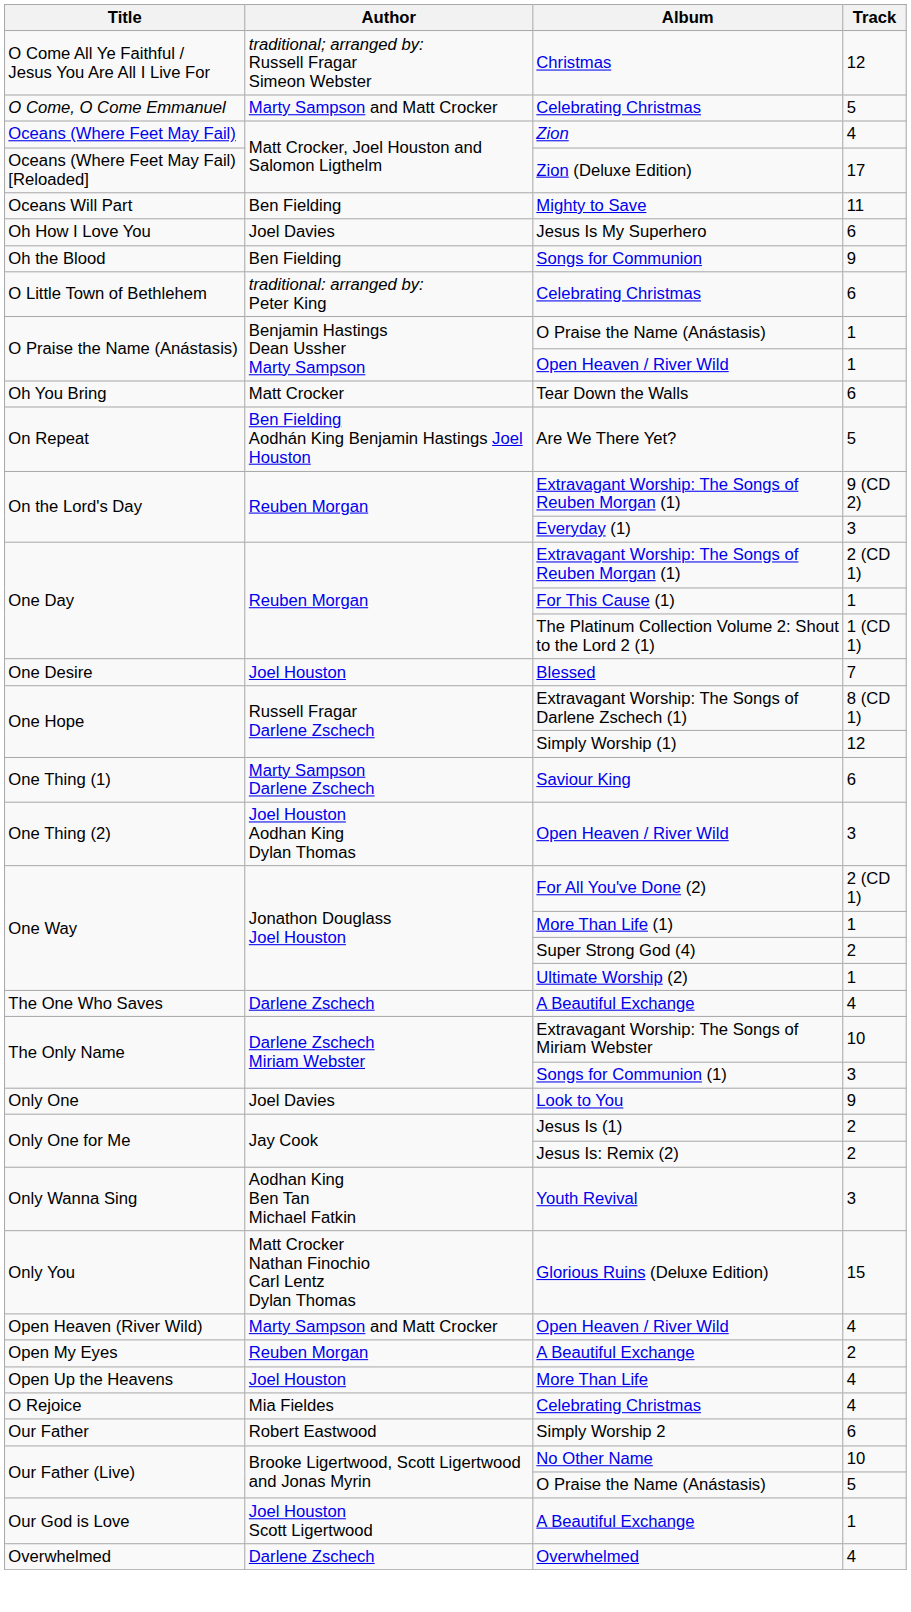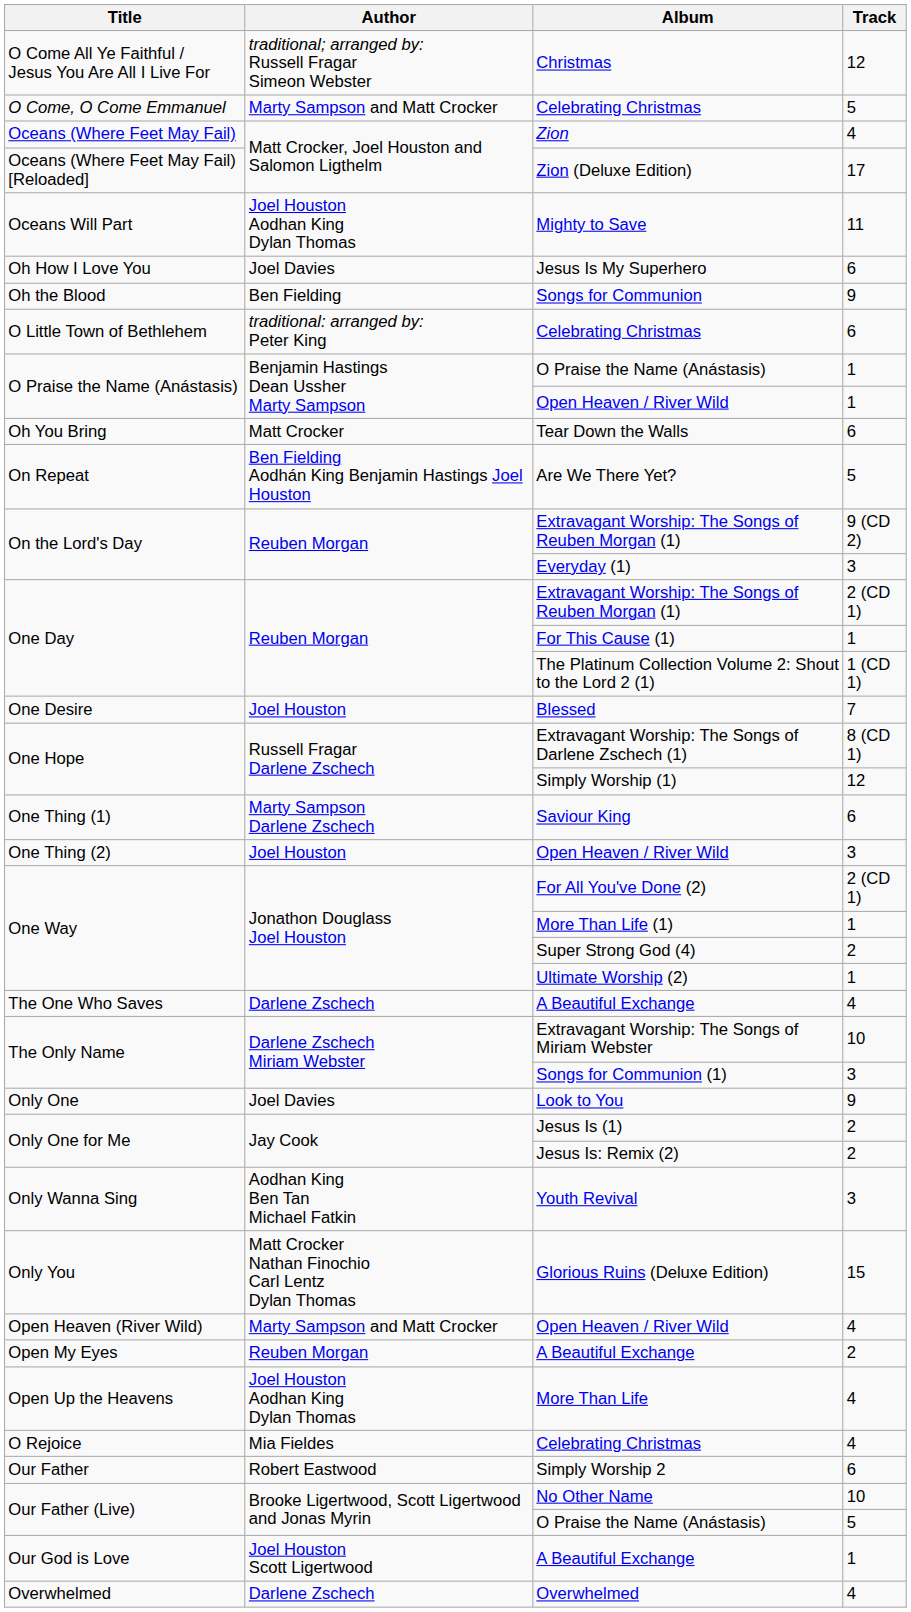 <table class="wikitable">
 <tr>
 <th>Title</th>
 <th>Author</th>
 <th>Album</th>
 <th>Track</th>
 </tr>
 <tr>
 <td>O Come All Ye Faithful / <br> Jesus You Are All I Live For</td>
 <td><em>traditional; arranged by:</em> <br> Russell Fragar <br> Simeon Webster</td>
 <td><a href='#'>Christmas</a></td>
 <td>12</td>
 </tr>
 <tr>
 <td><em>O Come, O Come Emmanuel</em></td>
 <td><a href='#'>Marty Sampson</a> and Matt Crocker</td>
 <td><a href='#'>Celebrating Christmas</a></td>
 <td>5</td>
 </tr>
 <tr>
 <td><a href='#'>Oceans (Where Feet May Fail)</a></td>
 <td rowspan="2">Matt Crocker, Joel Houston and Salomon Ligthelm</td>
 <td><em><a href='#'>Zion</a></em></td>
 <td>4</td>
 </tr>
 <tr>
 <td>Oceans (Where Feet May Fail) [Reloaded]</td>
 <td><a href='#'>Zion</a> (Deluxe Edition)</td>
 <td>17</td>
 </tr>
 <tr>
 <td>Oceans Will Part</td>
-<td>Ben Fielding</td>
+<td><a href='#'>Joel Houston</a> <br> Aodhan King <br> Dylan Thomas</td>
 <td><a href='#'>Mighty to Save</a></td>
 <td>11</td>
 </tr>
 <tr>
 <td>Oh How I Love You</td>
 <td>Joel Davies</td>
 <td>Jesus Is My Superhero</td>
 <td>6</td>
 </tr>
 <tr>
 <td>Oh the Blood</td>
 <td>Ben Fielding</td>
 <td><a href='#'>Songs for Communion</a></td>
 <td>9</td>
 </tr>
 <tr>
 <td>O Little Town of Bethlehem</td>
 <td><em>traditional: arranged by:</em> <br> Peter King</td>
 <td><a href='#'>Celebrating Christmas</a></td>
 <td>6</td>
 </tr>
 <tr>
 <td rowspan="2">O Praise the Name (Anástasis)</td>
 <td rowspan="2">Benjamin Hastings <br> Dean Ussher <br> <a href='#'>Marty Sampson</a></td>
 <td>O Praise the Name (Anástasis)</td>
 <td>1</td>
 </tr>
 <tr>
 <td><a href='#'>Open Heaven / River Wild</a></td>
 <td>1</td>
 </tr>
 <tr>
 <td>Oh You Bring</td>
 <td>Matt Crocker</td>
 <td>Tear Down the Walls</td>
 <td>6</td>
 </tr>
 <tr>
 <td>On Repeat</td>
 <td><a href='#'>Ben Fielding</a><br>Aodhán King Benjamin Hastings <a href='#'>Joel Houston</a></td>
 <td>Are We There Yet?</td>
 <td>5</td>
 </tr>
 <tr>
 <td rowspan="2">On the Lord's Day</td>
 <td rowspan="2"><a href='#'>Reuben Morgan</a></td>
 <td><a href='#'>Extravagant Worship: The Songs of Reuben Morgan</a> (1)</td>
 <td>9 (CD 2)</td>
 </tr>
 <tr>
 <td><a href='#'>Everyday</a> (1)</td>
 <td>3</td>
 </tr>
 <tr>
 <td rowspan="3">One Day</td>
 <td rowspan="3"><a href='#'>Reuben Morgan</a></td>
 <td><a href='#'>Extravagant Worship: The Songs of Reuben Morgan</a> (1)</td>
 <td>2 (CD 1)</td>
 </tr>
 <tr>
 <td><a href='#'>For This Cause</a> (1)</td>
 <td>1</td>
 </tr>
 <tr>
 <td>The Platinum Collection Volume 2: Shout to the Lord 2 (1)</td>
 <td>1 (CD 1)</td>
 </tr>
 <tr>
 <td>One Desire</td>
 <td><a href='#'>Joel Houston</a></td>
 <td><a href='#'>Blessed</a></td>
 <td>7</td>
 </tr>
 <tr>
 <td rowspan="2">One Hope</td>
 <td rowspan="2">Russell Fragar <br> <a href='#'>Darlene Zschech</a></td>
 <td>Extravagant Worship: The Songs of Darlene Zschech (1)</td>
 <td>8 (CD 1)</td>
 </tr>
 <tr>
 <td>Simply Worship (1)</td>
 <td>12</td>
 </tr>
 <tr>
 <td>One Thing (1)</td>
 <td><a href='#'>Marty Sampson</a> <br> <a href='#'>Darlene Zschech</a></td>
 <td><a href='#'>Saviour King</a></td>
 <td>6</td>
 </tr>
 <tr>
 <td>One Thing (2)</td>
-<td><a href='#'>Joel Houston</a> <br> Aodhan King <br> Dylan Thomas</td>
+<td><a href='#'>Joel Houston</a></td>
 <td><a href='#'>Open Heaven / River Wild</a></td>
 <td>3</td>
 </tr>
 <tr>
 <td rowspan="4">One Way</td>
 <td rowspan="4">Jonathon Douglass <br> <a href='#'>Joel Houston</a></td>
 <td><a href='#'>For All You've Done</a> (2)</td>
 <td>2 (CD 1)</td>
 </tr>
 <tr>
 <td><a href='#'>More Than Life</a> (1)</td>
 <td>1</td>
 </tr>
 <tr>
 <td>Super Strong God (4)</td>
 <td>2</td>
 </tr>
 <tr>
 <td><a href='#'>Ultimate Worship</a> (2)</td>
 <td>1</td>
 </tr>
 <tr>
 <td>The One Who Saves</td>
 <td><a href='#'>Darlene Zschech</a></td>
 <td><a href='#'>A Beautiful Exchange</a></td>
 <td>4</td>
 </tr>
 <tr>
 <td rowspan="2">The Only Name</td>
 <td rowspan="2"><a href='#'>Darlene Zschech</a> <br> <a href='#'>Miriam Webster</a></td>
 <td>Extravagant Worship: The Songs of Miriam Webster</td>
 <td>10</td>
 </tr>
 <tr>
 <td><a href='#'>Songs for Communion</a> (1)</td>
 <td>3</td>
 </tr>
 <tr>
 <td>Only One</td>
 <td>Joel Davies</td>
 <td><a href='#'>Look to You</a></td>
 <td>9</td>
 </tr>
 <tr>
 <td rowspan="2">Only One for Me</td>
 <td rowspan="2">Jay Cook</td>
 <td>Jesus Is (1)</td>
 <td>2</td>
 </tr>
 <tr>
 <td>Jesus Is: Remix (2)</td>
 <td>2</td>
 </tr>
 <tr>
 <td>Only Wanna Sing</td>
 <td>Aodhan King <br> Ben Tan <br> Michael Fatkin</td>
 <td><a href='#'>Youth Revival</a></td>
 <td>3</td>
 </tr>
 <tr>
 <td>Only You</td>
 <td>Matt Crocker <br> Nathan Finochio <br> Carl Lentz <br> Dylan Thomas</td>
 <td><a href='#'>Glorious Ruins</a> (Deluxe Edition)</td>
 <td>15</td>
 </tr>
 <tr>
 <td>Open Heaven (River Wild)</td>
 <td><a href='#'>Marty Sampson</a> and Matt Crocker</td>
 <td><a href='#'>Open Heaven / River Wild</a></td>
 <td>4</td>
 </tr>
 <tr>
 <td>Open My Eyes</td>
 <td><a href='#'>Reuben Morgan</a></td>
 <td><a href='#'>A Beautiful Exchange</a></td>
 <td>2</td>
 </tr>
 <tr>
 <td>Open Up the Heavens</td>
-<td><a href='#'>Joel Houston</a></td>
+<td><a href='#'>Joel Houston</a> <br> Aodhan King <br> Dylan Thomas</td>
 <td><a href='#'>More Than Life</a></td>
 <td>4</td>
 </tr>
 <tr>
 <td>O Rejoice</td>
 <td>Mia Fieldes</td>
 <td><a href='#'>Celebrating Christmas</a></td>
 <td>4</td>
 </tr>
 <tr>
 <td>Our Father</td>
 <td>Robert Eastwood</td>
 <td>Simply Worship 2</td>
 <td>6</td>
 </tr>
 <tr>
 <td rowspan="2">Our Father (Live)</td>
 <td rowspan="2">Brooke Ligertwood, Scott Ligertwood and Jonas Myrin</td>
 <td><a href='#'>No Other Name</a></td>
 <td>10</td>
 </tr>
 <tr>
 <td>O Praise the Name (Anástasis)</td>
 <td>5</td>
 </tr>
 <tr>
 <td>Our God is Love</td>
 <td><a href='#'>Joel Houston</a> <br> Scott Ligertwood</td>
 <td><a href='#'>A Beautiful Exchange</a></td>
 <td>1</td>
 </tr>
 <tr>
 <td>Overwhelmed</td>
 <td><a href='#'>Darlene Zschech</a></td>
 <td><a href='#'>Overwhelmed</a></td>
 <td>4</td>
 </tr>
 </table>
